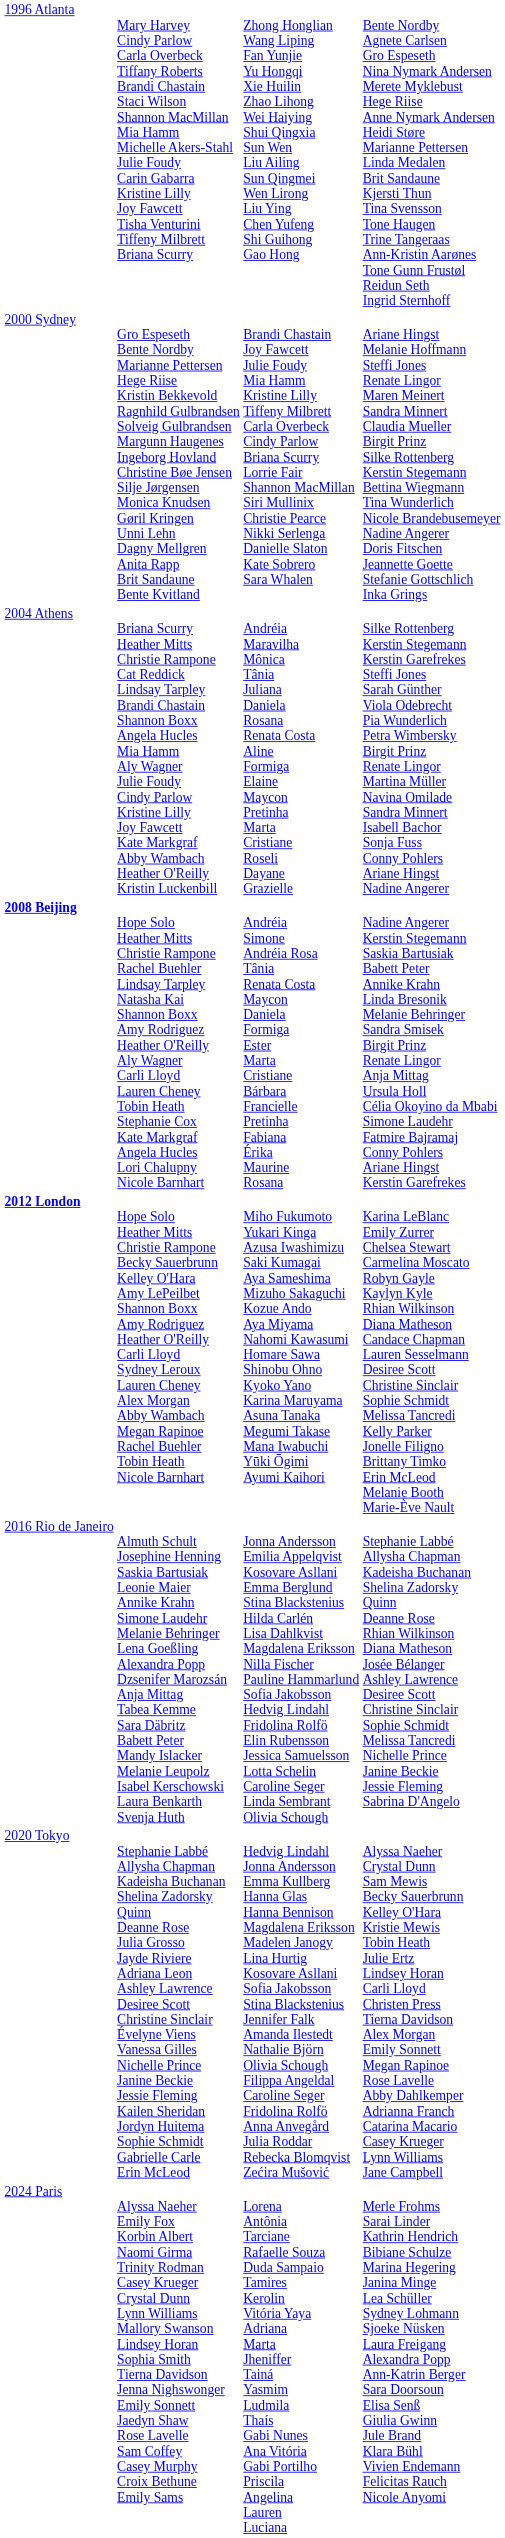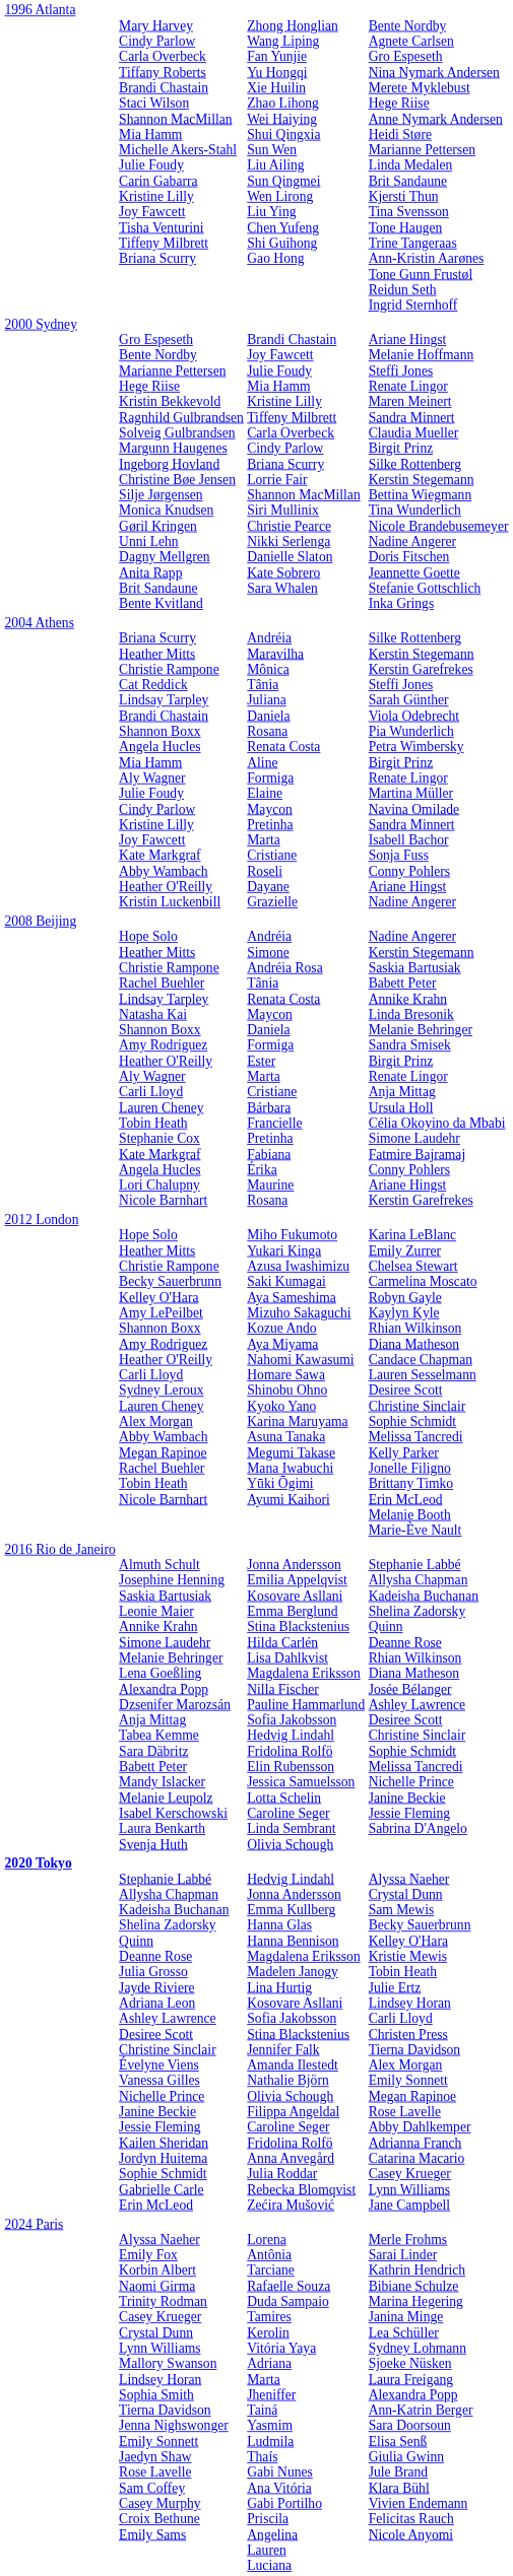 <table>
 <tr valign="top">
 <td><a href='#'>1996 Atlanta</a><br></td>
 <td valign=top><br><a href='#'>Mary Harvey</a><br><a href='#'>Cindy Parlow</a><br><a href='#'>Carla Overbeck</a><br><a href='#'>Tiffany Roberts</a><br><a href='#'>Brandi Chastain</a><br><a href='#'>Staci Wilson</a><br><a href='#'>Shannon MacMillan</a><br><a href='#'>Mia Hamm</a><br><a href='#'>Michelle Akers-Stahl</a><br><a href='#'>Julie Foudy</a><br><a href='#'>Carin Gabarra</a><br><a href='#'>Kristine Lilly</a><br><a href='#'>Joy Fawcett</a><br><a href='#'>Tisha Venturini</a><br><a href='#'>Tiffeny Milbrett</a><br><a href='#'>Briana Scurry</a></td>
 <td valign=top><br><a href='#'>Zhong Honglian</a><br><a href='#'>Wang Liping</a><br><a href='#'>Fan Yunjie</a><br><a href='#'>Yu Hongqi</a><br><a href='#'>Xie Huilin</a><br><a href='#'>Zhao Lihong</a><br><a href='#'>Wei Haiying</a><br><a href='#'>Shui Qingxia</a><br><a href='#'>Sun Wen</a><br><a href='#'>Liu Ailing</a><br><a href='#'>Sun Qingmei</a><br><a href='#'>Wen Lirong</a><br><a href='#'>Liu Ying</a><br><a href='#'>Chen Yufeng</a><br><a href='#'>Shi Guihong</a><br><a href='#'>Gao Hong</a></td>
 <td valign=top><br><a href='#'>Bente Nordby</a><br><a href='#'>Agnete Carlsen</a><br><a href='#'>Gro Espeseth</a><br><a href='#'>Nina Nymark Andersen</a><br><a href='#'>Merete Myklebust</a><br><a href='#'>Hege Riise</a><br><a href='#'>Anne Nymark Andersen</a><br><a href='#'>Heidi Støre</a><br><a href='#'>Marianne Pettersen</a><br><a href='#'>Linda Medalen</a><br><a href='#'>Brit Sandaune</a><br><a href='#'>Kjersti Thun</a><br><a href='#'>Tina Svensson</a><br><a href='#'>Tone Haugen</a><br><a href='#'>Trine Tangeraas</a><br><a href='#'>Ann-Kristin Aarønes</a><br><a href='#'>Tone Gunn Frustøl</a><br><a href='#'>Reidun Seth</a><br><a href='#'>Ingrid Sternhoff</a></td>
 </tr>
 <tr valign="top">
 <td><a href='#'>2000 Sydney</a><br></td>
 <td valign=top><br><a href='#'>Gro Espeseth</a><br><a href='#'>Bente Nordby</a><br><a href='#'>Marianne Pettersen</a><br><a href='#'>Hege Riise</a><br><a href='#'>Kristin Bekkevold</a><br><a href='#'>Ragnhild Gulbrandsen</a><br><a href='#'>Solveig Gulbrandsen</a><br><a href='#'>Margunn Haugenes</a><br><a href='#'>Ingeborg Hovland</a><br><a href='#'>Christine Bøe Jensen</a><br><a href='#'>Silje Jørgensen</a><br><a href='#'>Monica Knudsen</a><br><a href='#'>Gøril Kringen</a><br><a href='#'>Unni Lehn</a><br><a href='#'>Dagny Mellgren</a><br><a href='#'>Anita Rapp</a><br><a href='#'>Brit Sandaune</a><br><a href='#'>Bente Kvitland</a></td>
 <td valign=top><br><a href='#'>Brandi Chastain</a><br><a href='#'>Joy Fawcett</a><br><a href='#'>Julie Foudy</a><br><a href='#'>Mia Hamm</a><br><a href='#'>Kristine Lilly</a><br><a href='#'>Tiffeny Milbrett</a><br><a href='#'>Carla Overbeck</a><br><a href='#'>Cindy Parlow</a><br><a href='#'>Briana Scurry</a><br><a href='#'>Lorrie Fair</a><br><a href='#'>Shannon MacMillan</a><br><a href='#'>Siri Mullinix</a><br><a href='#'>Christie Pearce</a><br><a href='#'>Nikki Serlenga</a><br><a href='#'>Danielle Slaton</a><br><a href='#'>Kate Sobrero</a><br><a href='#'>Sara Whalen</a></td>
 <td valign=top><br><a href='#'>Ariane Hingst</a><br><a href='#'>Melanie Hoffmann</a><br><a href='#'>Steffi Jones</a><br><a href='#'>Renate Lingor</a><br><a href='#'>Maren Meinert</a><br><a href='#'>Sandra Minnert</a><br><a href='#'>Claudia Mueller</a><br><a href='#'>Birgit Prinz</a><br><a href='#'>Silke Rottenberg</a><br><a href='#'>Kerstin Stegemann</a><br><a href='#'>Bettina Wiegmann</a><br><a href='#'>Tina Wunderlich</a><br><a href='#'>Nicole Brandebusemeyer</a><br><a href='#'>Nadine Angerer</a><br><a href='#'>Doris Fitschen</a><br><a href='#'>Jeannette Goette</a><br><a href='#'>Stefanie Gottschlich</a><br><a href='#'>Inka Grings</a></td>
 </tr>
 <tr valign="top">
 <td><a href='#'>2004 Athens</a><br></td>
 <td valign=top><br><a href='#'>Briana Scurry</a><br><a href='#'>Heather Mitts</a><br><a href='#'>Christie Rampone</a><br><a href='#'>Cat Reddick</a><br><a href='#'>Lindsay Tarpley</a><br><a href='#'>Brandi Chastain</a><br><a href='#'>Shannon Boxx</a><br><a href='#'>Angela Hucles</a><br><a href='#'>Mia Hamm</a><br><a href='#'>Aly Wagner</a><br><a href='#'>Julie Foudy</a><br><a href='#'>Cindy Parlow</a><br><a href='#'>Kristine Lilly</a><br><a href='#'>Joy Fawcett</a><br><a href='#'>Kate Markgraf</a><br><a href='#'>Abby Wambach</a><br><a href='#'>Heather O'Reilly</a><br><a href='#'>Kristin Luckenbill</a></td>
 <td valign=top><br><a href='#'>Andréia</a><br><a href='#'>Maravilha</a><br><a href='#'>Mônica</a><br><a href='#'>Tânia</a><br><a href='#'>Juliana</a><br><a href='#'>Daniela</a><br><a href='#'>Rosana</a><br><a href='#'>Renata Costa</a><br><a href='#'>Aline</a><br><a href='#'>Formiga</a><br><a href='#'>Elaine</a><br><a href='#'>Maycon</a><br><a href='#'>Pretinha</a><br><a href='#'>Marta</a><br><a href='#'>Cristiane</a><br><a href='#'>Roseli</a><br><a href='#'>Dayane</a><br><a href='#'>Grazielle</a></td>
 <td valign=top><br><a href='#'>Silke Rottenberg</a><br><a href='#'>Kerstin Stegemann</a><br><a href='#'>Kerstin Garefrekes</a><br><a href='#'>Steffi Jones</a><br><a href='#'>Sarah Günther</a><br><a href='#'>Viola Odebrecht</a><br><a href='#'>Pia Wunderlich</a><br><a href='#'>Petra Wimbersky</a><br><a href='#'>Birgit Prinz</a><br><a href='#'>Renate Lingor</a><br><a href='#'>Martina Müller</a><br><a href='#'>Navina Omilade</a><br><a href='#'>Sandra Minnert</a><br><a href='#'>Isabell Bachor</a><br><a href='#'>Sonja Fuss</a><br><a href='#'>Conny Pohlers</a><br><a href='#'>Ariane Hingst</a><br><a href='#'>Nadine Angerer</a></td>
 </tr>
 <tr valign="top">
-<td><strong><a href='#'>2008 Beijing</a><br></strong></td>
+<td><a href='#'>2008 Beijing</a><br></td>
 <td valign=top><br><a href='#'>Hope Solo</a><br><a href='#'>Heather Mitts</a><br><a href='#'>Christie Rampone</a><br><a href='#'>Rachel Buehler</a><br><a href='#'>Lindsay Tarpley</a><br><a href='#'>Natasha Kai</a><br><a href='#'>Shannon Boxx</a><br><a href='#'>Amy Rodriguez</a><br><a href='#'>Heather O'Reilly</a><br><a href='#'>Aly Wagner</a><br><a href='#'>Carli Lloyd</a><br><a href='#'>Lauren Cheney</a><br><a href='#'>Tobin Heath</a><br><a href='#'>Stephanie Cox</a><br><a href='#'>Kate Markgraf</a><br><a href='#'>Angela Hucles</a><br><a href='#'>Lori Chalupny</a><br><a href='#'>Nicole Barnhart</a></td>
 <td valign=top><br><a href='#'>Andréia</a><br><a href='#'>Simone</a><br><a href='#'>Andréia Rosa</a><br><a href='#'>Tânia</a><br><a href='#'>Renata Costa</a><br><a href='#'>Maycon</a><br><a href='#'>Daniela</a><br><a href='#'>Formiga</a><br><a href='#'>Ester</a><br><a href='#'>Marta</a><br><a href='#'>Cristiane</a><br><a href='#'>Bárbara</a><br><a href='#'>Francielle</a><br><a href='#'>Pretinha</a><br><a href='#'>Fabiana</a><br><a href='#'>Érika</a><br><a href='#'>Maurine</a><br><a href='#'>Rosana</a></td>
 <td valign=top><br><a href='#'>Nadine Angerer</a><br><a href='#'>Kerstin Stegemann</a><br><a href='#'>Saskia Bartusiak</a><br><a href='#'>Babett Peter</a><br><a href='#'>Annike Krahn</a><br><a href='#'>Linda Bresonik</a><br><a href='#'>Melanie Behringer</a><br><a href='#'>Sandra Smisek</a><br><a href='#'>Birgit Prinz</a><br><a href='#'>Renate Lingor</a><br><a href='#'>Anja Mittag</a><br><a href='#'>Ursula Holl</a><br><a href='#'>Célia Okoyino da Mbabi</a><br><a href='#'>Simone Laudehr</a><br><a href='#'>Fatmire Bajramaj</a><br><a href='#'>Conny Pohlers</a><br><a href='#'>Ariane Hingst</a><br><a href='#'>Kerstin Garefrekes</a></td>
 </tr>
 <tr valign="top">
-<td><strong><a href='#'>2012 London</a><br></strong></td>
+<td><a href='#'>2012 London</a><br></td>
 <td valign=top><br><a href='#'>Hope Solo</a><br><a href='#'>Heather Mitts</a><br><a href='#'>Christie Rampone</a><br><a href='#'>Becky Sauerbrunn</a><br><a href='#'>Kelley O'Hara</a><br><a href='#'>Amy LePeilbet</a><br><a href='#'>Shannon Boxx</a><br><a href='#'>Amy Rodriguez</a><br><a href='#'>Heather O'Reilly</a><br><a href='#'>Carli Lloyd</a><br><a href='#'>Sydney Leroux</a><br><a href='#'>Lauren Cheney</a><br><a href='#'>Alex Morgan</a><br><a href='#'>Abby Wambach</a><br><a href='#'>Megan Rapinoe</a><br><a href='#'>Rachel Buehler</a><br><a href='#'>Tobin Heath</a><br><a href='#'>Nicole Barnhart</a></td>
 <td valign=top><br><a href='#'>Miho Fukumoto</a><br><a href='#'>Yukari Kinga</a><br><a href='#'>Azusa Iwashimizu</a><br><a href='#'>Saki Kumagai</a><br><a href='#'>Aya Sameshima</a><br><a href='#'>Mizuho Sakaguchi</a><br><a href='#'>Kozue Ando</a><br><a href='#'>Aya Miyama</a><br><a href='#'>Nahomi Kawasumi</a><br><a href='#'>Homare Sawa</a><br><a href='#'>Shinobu Ohno</a><br><a href='#'>Kyoko Yano</a><br><a href='#'>Karina Maruyama</a><br><a href='#'>Asuna Tanaka</a><br><a href='#'>Megumi Takase</a><br><a href='#'>Mana Iwabuchi</a><br><a href='#'>Yūki Ōgimi</a><br><a href='#'>Ayumi Kaihori</a></td>
 <td valign=top><br><a href='#'>Karina LeBlanc</a><br><a href='#'>Emily Zurrer</a><br><a href='#'>Chelsea Stewart</a><br><a href='#'>Carmelina Moscato</a><br><a href='#'>Robyn Gayle</a><br><a href='#'>Kaylyn Kyle</a><br><a href='#'>Rhian Wilkinson</a><br><a href='#'>Diana Matheson</a><br><a href='#'>Candace Chapman</a><br><a href='#'>Lauren Sesselmann</a><br><a href='#'>Desiree Scott</a><br><a href='#'>Christine Sinclair</a><br><a href='#'>Sophie Schmidt</a><br><a href='#'>Melissa Tancredi</a><br><a href='#'>Kelly Parker</a><br><a href='#'>Jonelle Filigno</a><br><a href='#'>Brittany Timko</a><br><a href='#'>Erin McLeod</a><br><a href='#'>Melanie Booth</a><br><a href='#'>Marie-Ève Nault</a></td>
 </tr>
 <tr valign="top">
 <td><a href='#'>2016 Rio de Janeiro</a><br></td>
 <td valign=top><br><a href='#'>Almuth Schult</a><br><a href='#'>Josephine Henning</a><br><a href='#'>Saskia Bartusiak</a><br><a href='#'>Leonie Maier</a><br><a href='#'>Annike Krahn</a><br><a href='#'>Simone Laudehr</a><br><a href='#'>Melanie Behringer</a><br><a href='#'>Lena Goeßling</a><br><a href='#'>Alexandra Popp</a><br><a href='#'>Dzsenifer Marozsán</a><br><a href='#'>Anja Mittag</a><br><a href='#'>Tabea Kemme</a><br><a href='#'>Sara Däbritz</a><br><a href='#'>Babett Peter</a><br><a href='#'>Mandy Islacker</a><br><a href='#'>Melanie Leupolz</a><br><a href='#'>Isabel Kerschowski</a><br><a href='#'>Laura Benkarth</a><br><a href='#'>Svenja Huth</a></td>
 <td valign=top><br><a href='#'>Jonna Andersson</a><br><a href='#'>Emilia Appelqvist</a><br><a href='#'>Kosovare Asllani</a><br><a href='#'>Emma Berglund</a><br><a href='#'>Stina Blackstenius</a><br><a href='#'>Hilda Carlén</a><br><a href='#'>Lisa Dahlkvist</a><br><a href='#'>Magdalena Eriksson</a><br><a href='#'>Nilla Fischer</a><br><a href='#'>Pauline Hammarlund</a><br><a href='#'>Sofia Jakobsson</a><br><a href='#'>Hedvig Lindahl</a><br><a href='#'>Fridolina Rolfö</a><br><a href='#'>Elin Rubensson</a><br><a href='#'>Jessica Samuelsson</a><br><a href='#'>Lotta Schelin</a><br><a href='#'>Caroline Seger</a><br><a href='#'>Linda Sembrant</a><br><a href='#'>Olivia Schough</a></td>
 <td valign=top><br><a href='#'>Stephanie Labbé</a><br><a href='#'>Allysha Chapman</a><br><a href='#'>Kadeisha Buchanan</a><br><a href='#'>Shelina Zadorsky</a><br><a href='#'>Quinn</a><br><a href='#'>Deanne Rose</a><br><a href='#'>Rhian Wilkinson</a><br><a href='#'>Diana Matheson</a><br><a href='#'>Josée Bélanger</a><br><a href='#'>Ashley Lawrence</a><br><a href='#'>Desiree Scott</a><br><a href='#'>Christine Sinclair</a><br><a href='#'>Sophie Schmidt</a><br><a href='#'>Melissa Tancredi</a><br><a href='#'>Nichelle Prince</a><br><a href='#'>Janine Beckie</a><br><a href='#'>Jessie Fleming</a><br><a href='#'>Sabrina D'Angelo</a></td>
 </tr>
 <tr valign="top">
-<td><a href='#'>2020 Tokyo</a><br></td>
+<td><strong><a href='#'>2020 Tokyo</a><br></strong></td>
 <td><br><a href='#'>Stephanie Labbé</a><br><a href='#'>Allysha Chapman</a><br><a href='#'>Kadeisha Buchanan</a><br><a href='#'>Shelina Zadorsky</a><br><a href='#'>Quinn</a><br><a href='#'>Deanne Rose</a><br><a href='#'>Julia Grosso</a><br><a href='#'>Jayde Riviere</a><br><a href='#'>Adriana Leon</a><br><a href='#'>Ashley Lawrence</a><br><a href='#'>Desiree Scott</a><br><a href='#'>Christine Sinclair</a><br><a href='#'>Évelyne Viens</a><br><a href='#'>Vanessa Gilles</a><br><a href='#'>Nichelle Prince</a><br><a href='#'>Janine Beckie</a><br><a href='#'>Jessie Fleming</a><br><a href='#'>Kailen Sheridan</a><br><a href='#'>Jordyn Huitema</a><br><a href='#'>Sophie Schmidt</a><br><a href='#'>Gabrielle Carle</a><br><a href='#'>Erin McLeod</a></td>
 <td><br><a href='#'>Hedvig Lindahl</a><br><a href='#'>Jonna Andersson</a><br><a href='#'>Emma Kullberg</a><br><a href='#'>Hanna Glas</a><br><a href='#'>Hanna Bennison</a><br><a href='#'>Magdalena Eriksson</a><br><a href='#'>Madelen Janogy</a><br><a href='#'>Lina Hurtig</a><br><a href='#'>Kosovare Asllani</a><br><a href='#'>Sofia Jakobsson</a><br><a href='#'>Stina Blackstenius</a><br><a href='#'>Jennifer Falk</a><br><a href='#'>Amanda Ilestedt</a><br><a href='#'>Nathalie Björn</a><br><a href='#'>Olivia Schough</a><br><a href='#'>Filippa Angeldal</a><br><a href='#'>Caroline Seger</a><br><a href='#'>Fridolina Rolfö</a><br><a href='#'>Anna Anvegård</a><br><a href='#'>Julia Roddar</a><br><a href='#'>Rebecka Blomqvist</a><br><a href='#'>Zećira Mušović</a></td>
 <td valign=top><br><a href='#'>Alyssa Naeher</a><br><a href='#'>Crystal Dunn</a><br><a href='#'>Sam Mewis</a><br><a href='#'>Becky Sauerbrunn</a><br><a href='#'>Kelley O'Hara</a><br><a href='#'>Kristie Mewis</a><br><a href='#'>Tobin Heath</a><br><a href='#'>Julie Ertz</a><br><a href='#'>Lindsey Horan</a><br><a href='#'>Carli Lloyd</a><br><a href='#'>Christen Press</a><br><a href='#'>Tierna Davidson</a><br><a href='#'>Alex Morgan</a><br><a href='#'>Emily Sonnett</a><br><a href='#'>Megan Rapinoe</a><br><a href='#'>Rose Lavelle</a><br><a href='#'>Abby Dahlkemper</a><br><a href='#'>Adrianna Franch</a><br><a href='#'>Catarina Macario</a><br><a href='#'>Casey Krueger</a><br><a href='#'>Lynn Williams</a><br><a href='#'>Jane Campbell</a></td>
 </tr>
 <tr valign="top">
 <td><a href='#'>2024 Paris</a> <br></td>
 <td><br><a href='#'>Alyssa Naeher</a><br><a href='#'>Emily Fox</a><br><a href='#'>Korbin Albert</a><br><a href='#'>Naomi Girma</a><br><a href='#'>Trinity Rodman</a><br><a href='#'>Casey Krueger</a><br><a href='#'>Crystal Dunn</a><br><a href='#'>Lynn Williams</a><br><a href='#'>Mallory Swanson</a><br><a href='#'>Lindsey Horan</a><br><a href='#'>Sophia Smith</a><br><a href='#'>Tierna Davidson</a><br><a href='#'>Jenna Nighswonger</a><br><a href='#'>Emily Sonnett</a><br><a href='#'>Jaedyn Shaw</a><br><a href='#'>Rose Lavelle</a><br><a href='#'>Sam Coffey</a><br><a href='#'>Casey Murphy</a><br><a href='#'>Croix Bethune</a><br><a href='#'>Emily Sams</a></td>
 <td><br><a href='#'>Lorena</a><br><a href='#'>Antônia</a><br><a href='#'>Tarciane</a><br><a href='#'>Rafaelle Souza</a><br><a href='#'>Duda Sampaio</a><br><a href='#'>Tamires</a><br><a href='#'>Kerolin</a><br><a href='#'>Vitória Yaya</a><br><a href='#'>Adriana</a><br><a href='#'>Marta</a><br><a href='#'>Jheniffer</a><br><a href='#'>Tainá</a><br><a href='#'>Yasmim</a><br><a href='#'>Ludmila</a><br><a href='#'>Thaís</a><br><a href='#'>Gabi Nunes</a><br><a href='#'>Ana Vitória</a><br><a href='#'>Gabi Portilho</a><br><a href='#'>Priscila</a><br><a href='#'>Angelina</a><br><a href='#'>Lauren</a><br><a href='#'>Luciana</a></td>
 <td><br><a href='#'>Merle Frohms</a><br><a href='#'>Sarai Linder</a><br><a href='#'>Kathrin Hendrich</a><br><a href='#'>Bibiane Schulze</a><br><a href='#'>Marina Hegering</a><br><a href='#'>Janina Minge</a><br><a href='#'>Lea Schüller</a><br><a href='#'>Sydney Lohmann</a><br><a href='#'>Sjoeke Nüsken</a><br><a href='#'>Laura Freigang</a><br><a href='#'>Alexandra Popp</a><br><a href='#'>Ann-Katrin Berger</a><br><a href='#'>Sara Doorsoun</a><br><a href='#'>Elisa Senß</a><br><a href='#'>Giulia Gwinn</a><br><a href='#'>Jule Brand</a><br><a href='#'>Klara Bühl</a><br><a href='#'>Vivien Endemann</a><br><a href='#'>Felicitas Rauch</a><br><a href='#'>Nicole Anyomi</a></td>
 </tr>
 </table>
